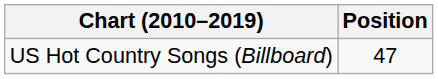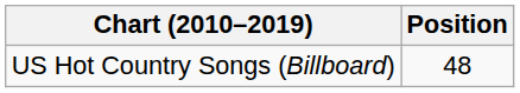 <table class="wikitable">
 <tr>
 <th>Chart (2010–2019)</th>
 <th>Position</th>
 </tr>
 <tr>
 <td>US Hot Country Songs (<em>Billboard</em>)</td>
-<td style="text-align:center;">47</td>
+<td style="text-align:center;">48</td>
 </tr>
 </table>
